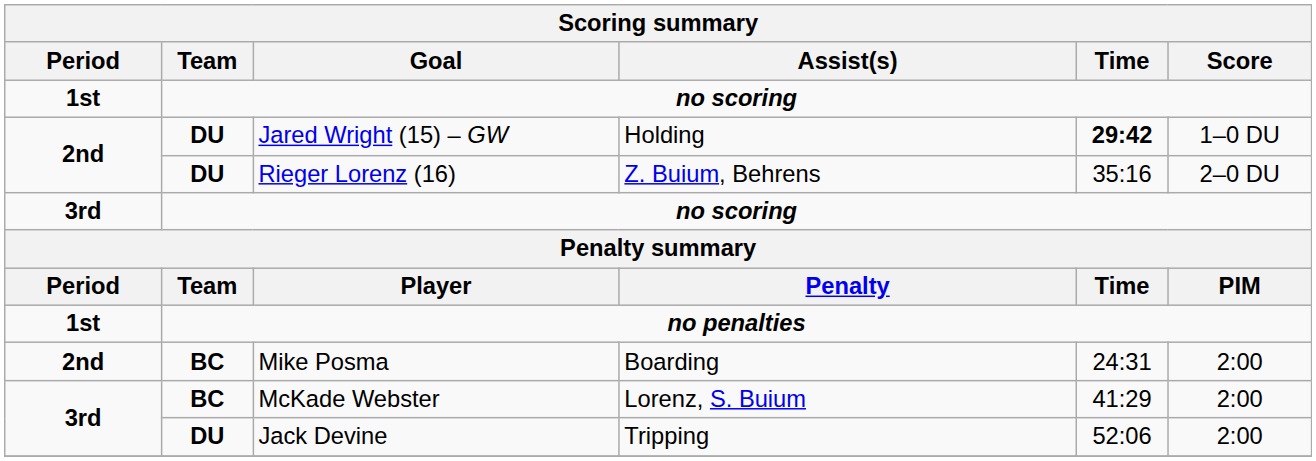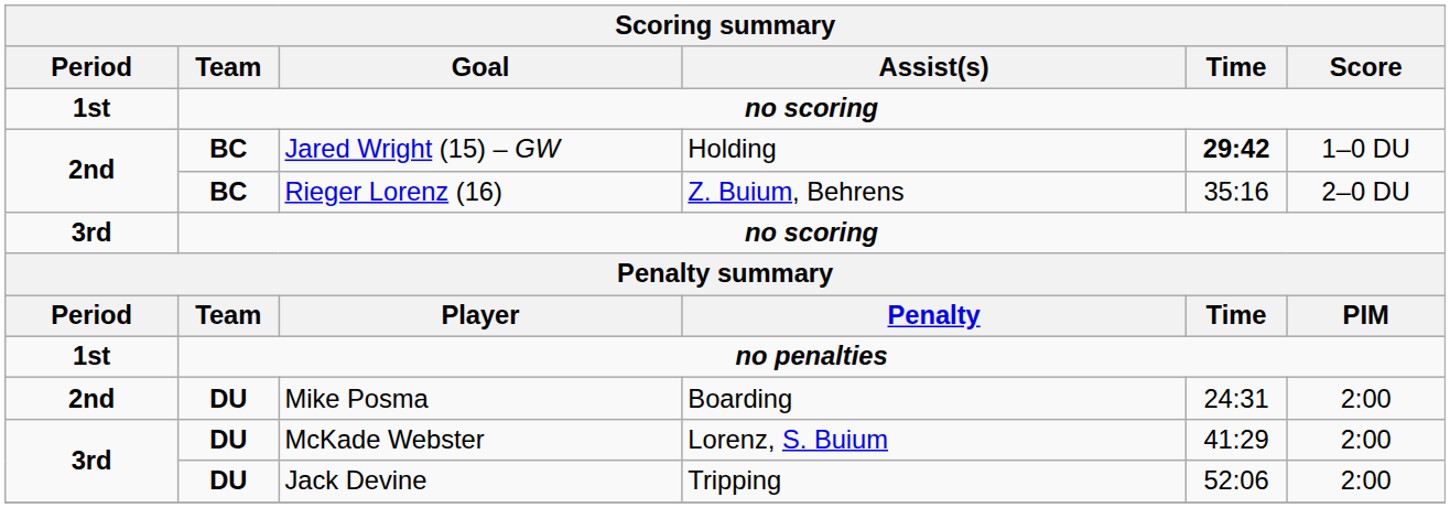 <table style="width:100%;" class="wikitable">
 <tr>
 <th colspan=6>Scoring summary</th>
 </tr>
 <tr>
 <th style="width:12%;">Period</th>
 <th style="width:7%;">Team</th>
 <th style="width:28%;">Goal</th>
 <th style="width:35%;">Assist(s)</th>
 <th style="width:7%;">Time</th>
 <th style="width:11%;">Score</th>
 </tr>
 <tr>
 <td style="text-align:center;" rowspan="1"><strong>1st</strong></td>
 <td style="text-align:center;" colspan=5><strong><em>no scoring</em></strong></td>
 </tr>
 <tr>
 <td style="text-align:center;" rowspan="2"><strong>2nd</strong></td>
-<td align=center><strong>DU</strong></td>
+<td align=center><strong>BC</strong></td>
 <td><a href='#'>Jared Wright</a> (15) – <em>GW</em></td>
 <td>Holding</td>
 <td align=center><strong>29:42</strong></td>
 <td align=center>1–0 DU</td>
 </tr>
 <tr>
-<td align=center><strong>DU</strong></td>
+<td align=center><strong>BC</strong></td>
 <td><a href='#'>Rieger Lorenz</a> (16)</td>
 <td><a href='#'>Z. Buium</a>, Behrens</td>
 <td align=center>35:16</td>
 <td align=center>2–0 DU</td>
 </tr>
 <tr>
 <td style="text-align:center;" rowspan="1"><strong>3rd</strong></td>
 <td style="text-align:center;" colspan=5><strong><em>no scoring</em></strong></td>
 </tr>
 <tr>
 <th colspan=6>Penalty summary</th>
 </tr>
 <tr>
 <th style="width:12%;">Period</th>
 <th style="width:7%;">Team</th>
 <th style="width:28%;">Player</th>
 <th style="width:35%;"><a href='#'>Penalty</a></th>
 <th style="width:7%;">Time</th>
 <th style="width:11%;">PIM</th>
 </tr>
 <tr>
 <td style="text-align:center;" rowspan="1"><strong>1st</strong></td>
 <td style="text-align:center;" colspan=5><strong><em>no penalties</em></strong></td>
 </tr>
 <tr>
 <td style="text-align:center;" rowspan="1"><strong>2nd</strong></td>
-<td align=center><strong>BC</strong></td>
+<td align=center><strong>DU</strong></td>
 <td>Mike Posma</td>
 <td>Boarding</td>
 <td align=center>24:31</td>
 <td align=center>2:00</td>
 </tr>
 <tr>
 <td style="text-align:center;" rowspan="2"><strong>3rd</strong></td>
-<td align=center><strong>BC</strong></td>
+<td align=center><strong>DU</strong></td>
 <td>McKade Webster</td>
 <td>Lorenz, <a href='#'>S. Buium</a></td>
 <td align=center>41:29</td>
 <td align=center>2:00</td>
 </tr>
 <tr>
 <td align=center><strong>DU</strong></td>
 <td>Jack Devine</td>
 <td>Tripping</td>
 <td align=center>52:06</td>
 <td align=center>2:00</td>
 </tr>
 <tr>
 </tr>
 </table>
